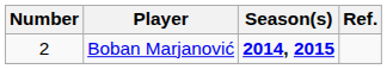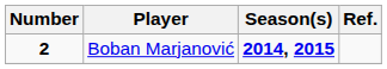 <table class="wikitable">
 <tr>
 <th>Number</th>
 <th>Player</th>
 <th>Season(s)</th>
 <th>Ref.</th>
 </tr>
 <tr>
-<td style="text-align:center;">2</td>
+<td style="text-align:center;"><strong>2</strong></td>
 <td> <a href='#'>Boban Marjanović</a></td>
 <td><strong><a href='#'>2014</a>, <a href='#'>2015</a></strong></td>
 <td></td>
 </tr>
 <tr>
 </tr>
 </table>
